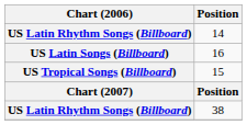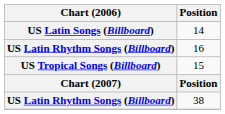 <table class="wikitable plainrowheaders " style="text-align:center;">
 <tr>
 <th scope="col">Chart (2006)</th>
 <th scope="col">Position</th>
 </tr>
 <tr>
-<th scope="row">US <a href='#'>Latin Rhythm Songs</a> (<em><a href='#'>Billboard</a></em>)</th>
+<th scope="row">US <a href='#'>Latin Songs</a> (<em><a href='#'>Billboard</a></em>)</th>
 <td>14</td>
 </tr>
 <tr>
-<th scope="row">US <a href='#'>Latin Songs</a> (<em><a href='#'>Billboard</a></em>)</th>
+<th scope="row">US <a href='#'>Latin Rhythm Songs</a> (<em><a href='#'>Billboard</a></em>)</th>
 <td>16</td>
 </tr>
 <tr>
 <th scope="row">US <a href='#'>Tropical Songs</a> (<em><a href='#'>Billboard</a></em>)</th>
 <td>15</td>
 </tr>
 <tr>
 <th scope="col">Chart (2007)</th>
 <th scope="col">Position</th>
 </tr>
 <tr>
 <th scope="row">US <a href='#'>Latin Rhythm Songs</a> (<em><a href='#'>Billboard</a></em>)</th>
 <td>38</td>
 </tr>
 <tr>
 </tr>
 </table>
